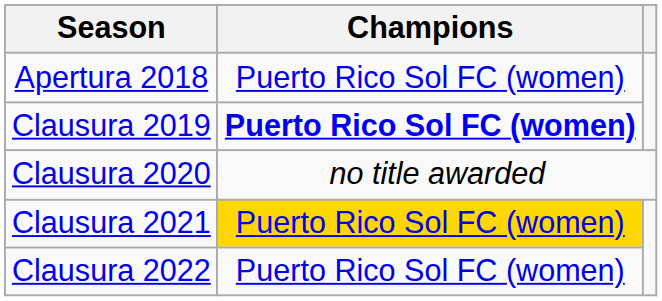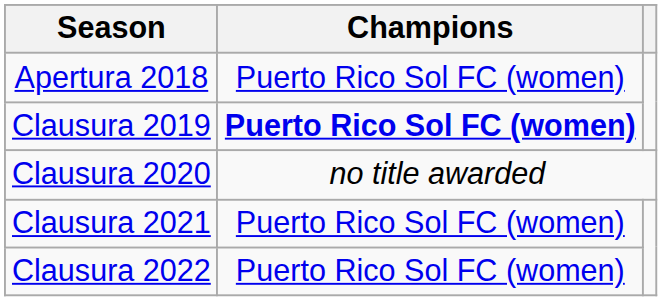 <table class="wikitable" style="text-align: center;">
 <tr>
 <th>Season</th>
 <th>Champions</th>
 <th></th>
 </tr>
 <tr>
 <td><a href='#'>Apertura 2018</a></td>
 <td><a href='#'>Puerto Rico Sol FC (women)</a></td>
 </tr>
 <tr>
 <td><a href='#'>Clausura 2019</a></td>
 <td><strong><a href='#'>Puerto Rico Sol FC (women)</a></strong></td>
 </tr>
 <tr>
 <td><a href='#'>Clausura 2020</a></td>
 <td colspan=3><em>no title awarded</em></td>
 </tr>
 <tr>
 <td><a href='#'>Clausura 2021</a></td>
-<td style="background: gold;"><a href='#'>Puerto Rico Sol FC (women)</a></td>
+<td><a href='#'>Puerto Rico Sol FC (women)</a></td>
 </tr>
 <tr>
 <td><a href='#'>Clausura 2022</a></td>
 <td><a href='#'>Puerto Rico Sol FC (women)</a></td>
 </tr>
 </table>
